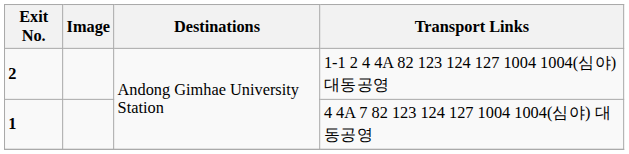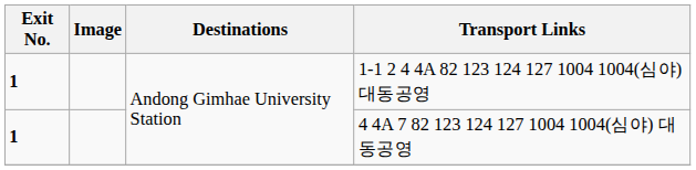 <table class="wikitable">
 <tr>
 <th>Exit No.</th>
 <th>Image</th>
 <th>Destinations</th>
 <th>Transport Links</th>
 </tr>
 <tr>
-<td style="background:#"><strong>2</strong></td>
+<td style="background:#"><strong>1</strong></td>
 <td></td>
 <td rowspan="2">Andong Gimhae University Station</td>
 <td><span>1-1</span> <span>2</span> <span>4 4A 82</span> <span>123 124 127</span> <span>1004 1004(심야)</span> <span>대동공영</span></td>
 </tr>
 <tr>
 <td style="background:#"><strong>1</strong></td>
 <td></td>
 <td><span>4 4A 7 82</span> <span>123 124 127</span> <span>1004 1004(심야)</span> <span>대동공영</span></td>
 </tr>
 <tr>
 </tr>
 </table>
